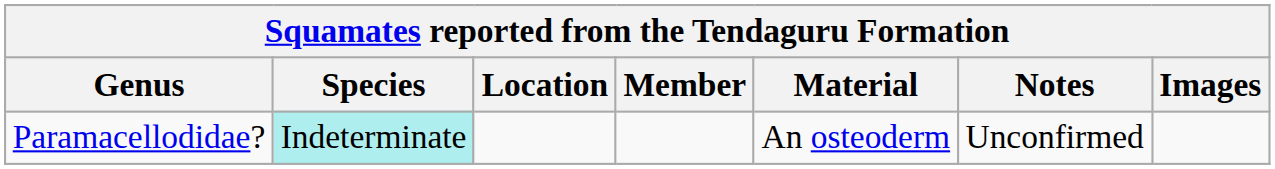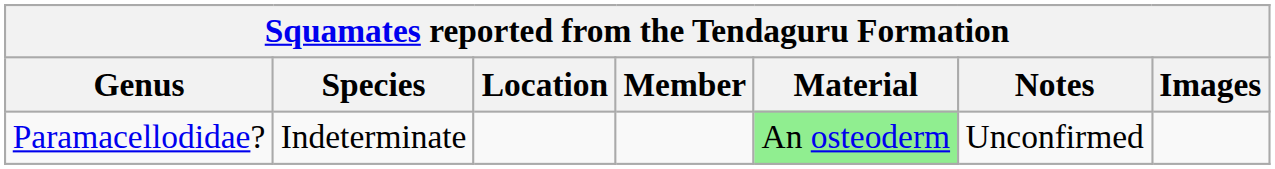 <table class="wikitable sortable" align="center">
 <tr>
 <th colspan="7" align="center"><strong><a href='#'>Squamates</a> reported from the Tendaguru Formation</strong></th>
 </tr>
 <tr>
 <th>Genus</th>
 <th>Species</th>
 <th>Location</th>
 <th>Member</th>
 <th>Material</th>
 <th>Notes</th>
 <th>Images</th>
 </tr>
 <tr>
 <td><a href='#'>Paramacellodidae</a>?</td>
-<td style="background: paleturquoise;">Indeterminate</td>
+<td>Indeterminate</td>
 <td></td>
 <td></td>
-<td>An <a href='#'>osteoderm</a></td>
+<td style="background: lightgreen;">An <a href='#'>osteoderm</a></td>
 <td>Unconfirmed</td>
 <td></td>
 </tr>
 </table>
